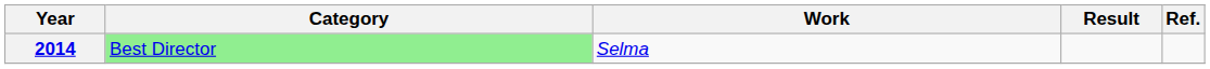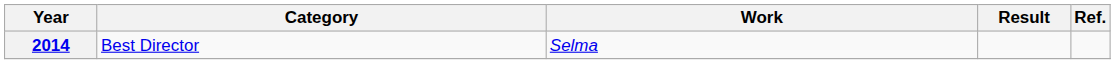 <table class=wikitable>
 <tr>
 <th scope="col" style="width:5em;">Year</th>
 <th scope="col" style="width:26em;">Category</th>
 <th scope="col" style="width:25em;">Work</th>
 <th scope="col" style="width:5em;">Result</th>
 <th>Ref.</th>
 </tr>
 <tr>
 <th scope="row"><a href='#'>2014</a></th>
-<td style="background: lightgreen;"><a href='#'>Best Director</a></td>
+<td><a href='#'>Best Director</a></td>
 <td><em><a href='#'>Selma</a></em></td>
 <td></td>
 <td></td>
 </tr>
 <tr>
 </tr>
 </table>
